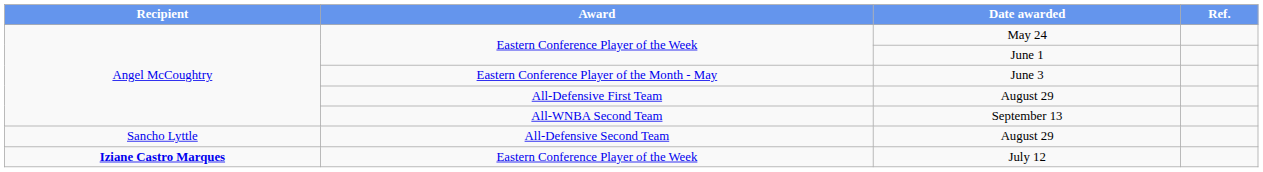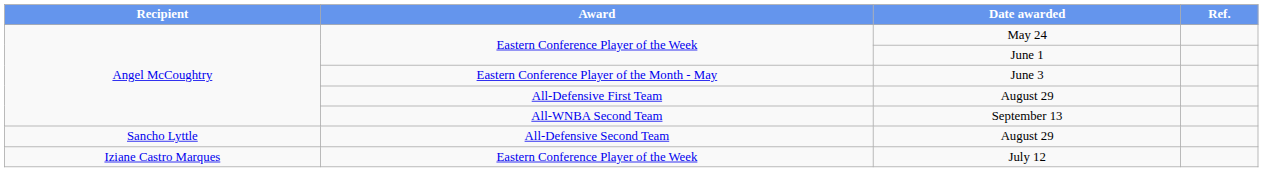 <table class="wikitable sortable sortable" style="text-align: center">
 <tr>
 <th style="background:#6495ED;color:white"; width="5%">Recipient</th>
 <th style="background:#6495ED;color:white"; width="9%">Award</th>
 <th style="background:#6495ED;color:white"; width="5%">Date awarded</th>
 <th style="background:#6495ED;color:white"; width="1%" class="unsortable">Ref.</th>
 </tr>
 <tr>
 <td rowspan=5><a href='#'>Angel McCoughtry</a></td>
 <td rowspan=2><a href='#'>Eastern Conference Player of the Week</a></td>
 <td>May 24</td>
 <td></td>
 </tr>
 <tr>
 <td>June 1</td>
 <td></td>
 </tr>
 <tr>
 <td><a href='#'>Eastern Conference Player of the Month - May</a></td>
 <td>June 3</td>
 <td></td>
 </tr>
 <tr>
 <td><a href='#'>All-Defensive First Team</a></td>
 <td>August 29</td>
 <td></td>
 </tr>
 <tr>
 <td><a href='#'>All-WNBA Second Team</a></td>
 <td>September 13</td>
 <td></td>
 </tr>
 <tr>
 <td><a href='#'>Sancho Lyttle</a></td>
 <td><a href='#'>All-Defensive Second Team</a></td>
 <td>August 29</td>
 <td></td>
 </tr>
 <tr>
-<td><strong><a href='#'>Iziane Castro Marques</a></strong></td>
+<td><a href='#'>Iziane Castro Marques</a></td>
 <td><a href='#'>Eastern Conference Player of the Week</a></td>
 <td>July 12</td>
 <td></td>
 </tr>
 </table>
